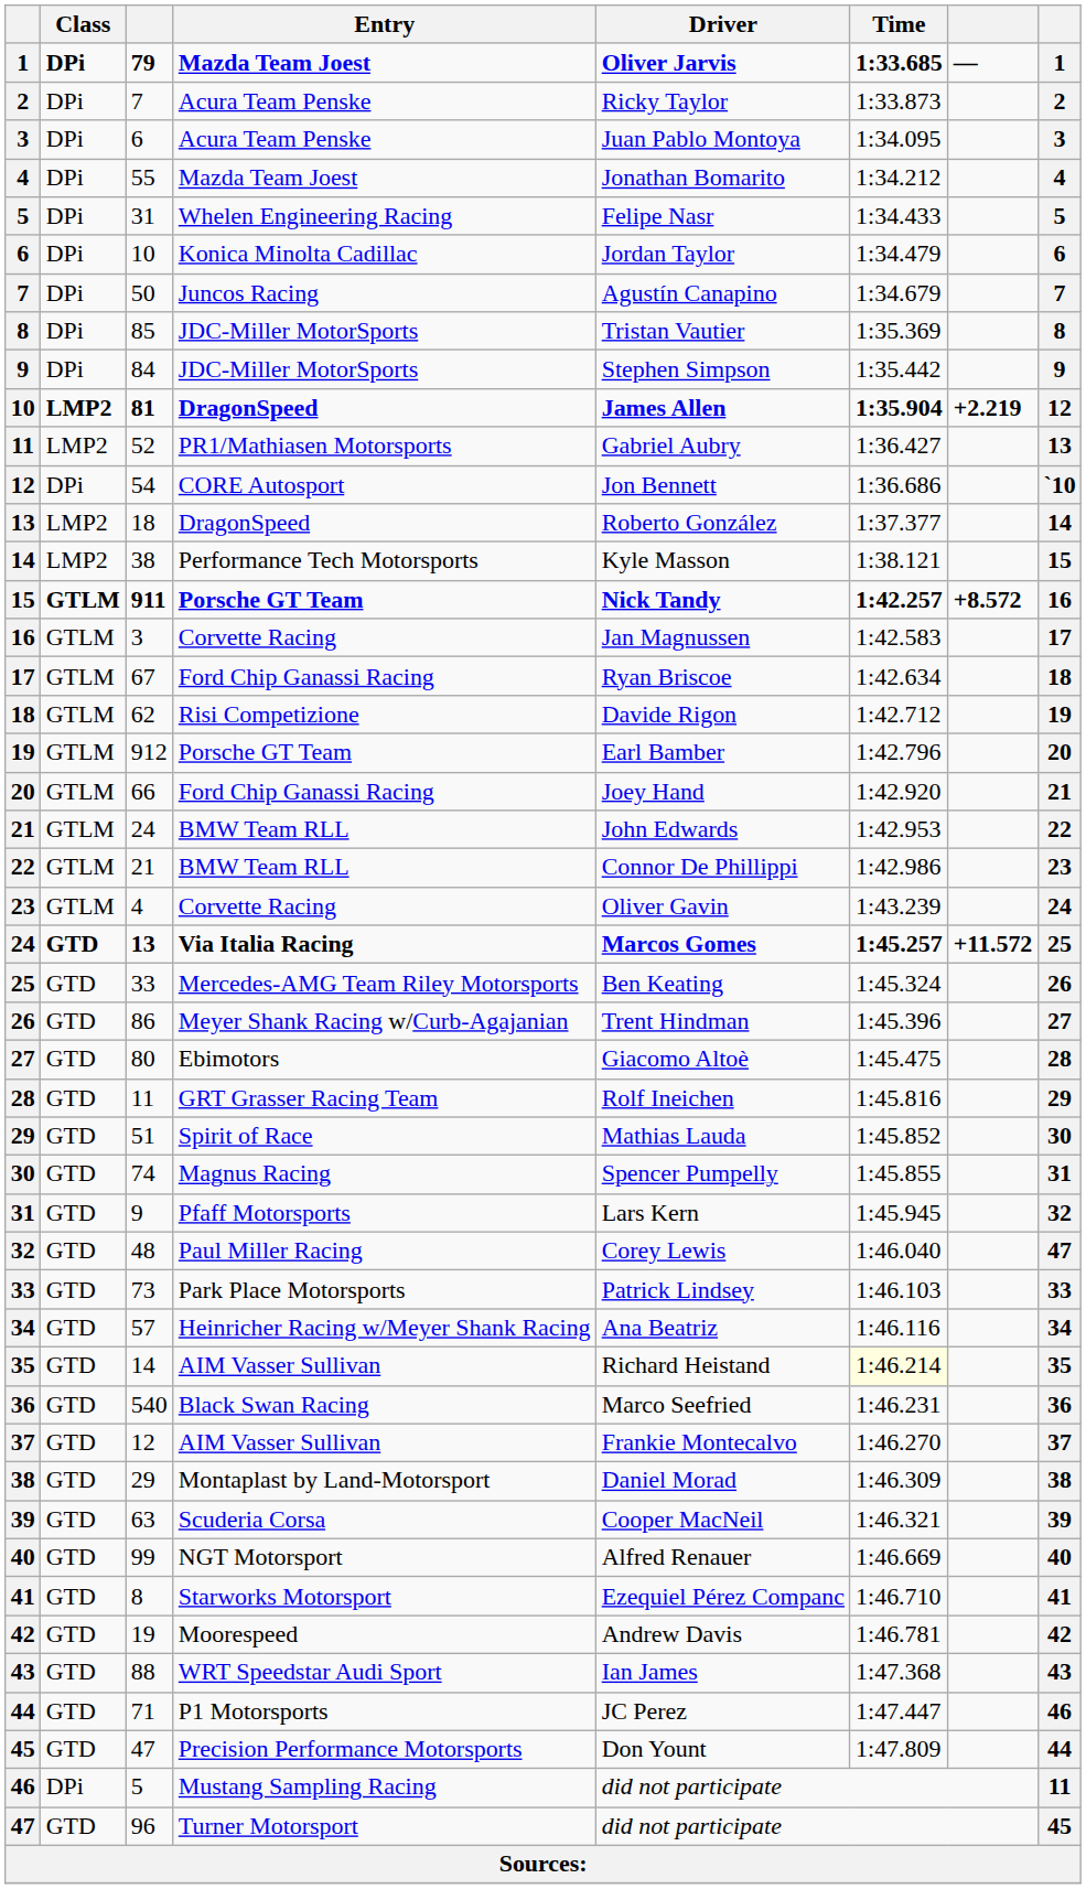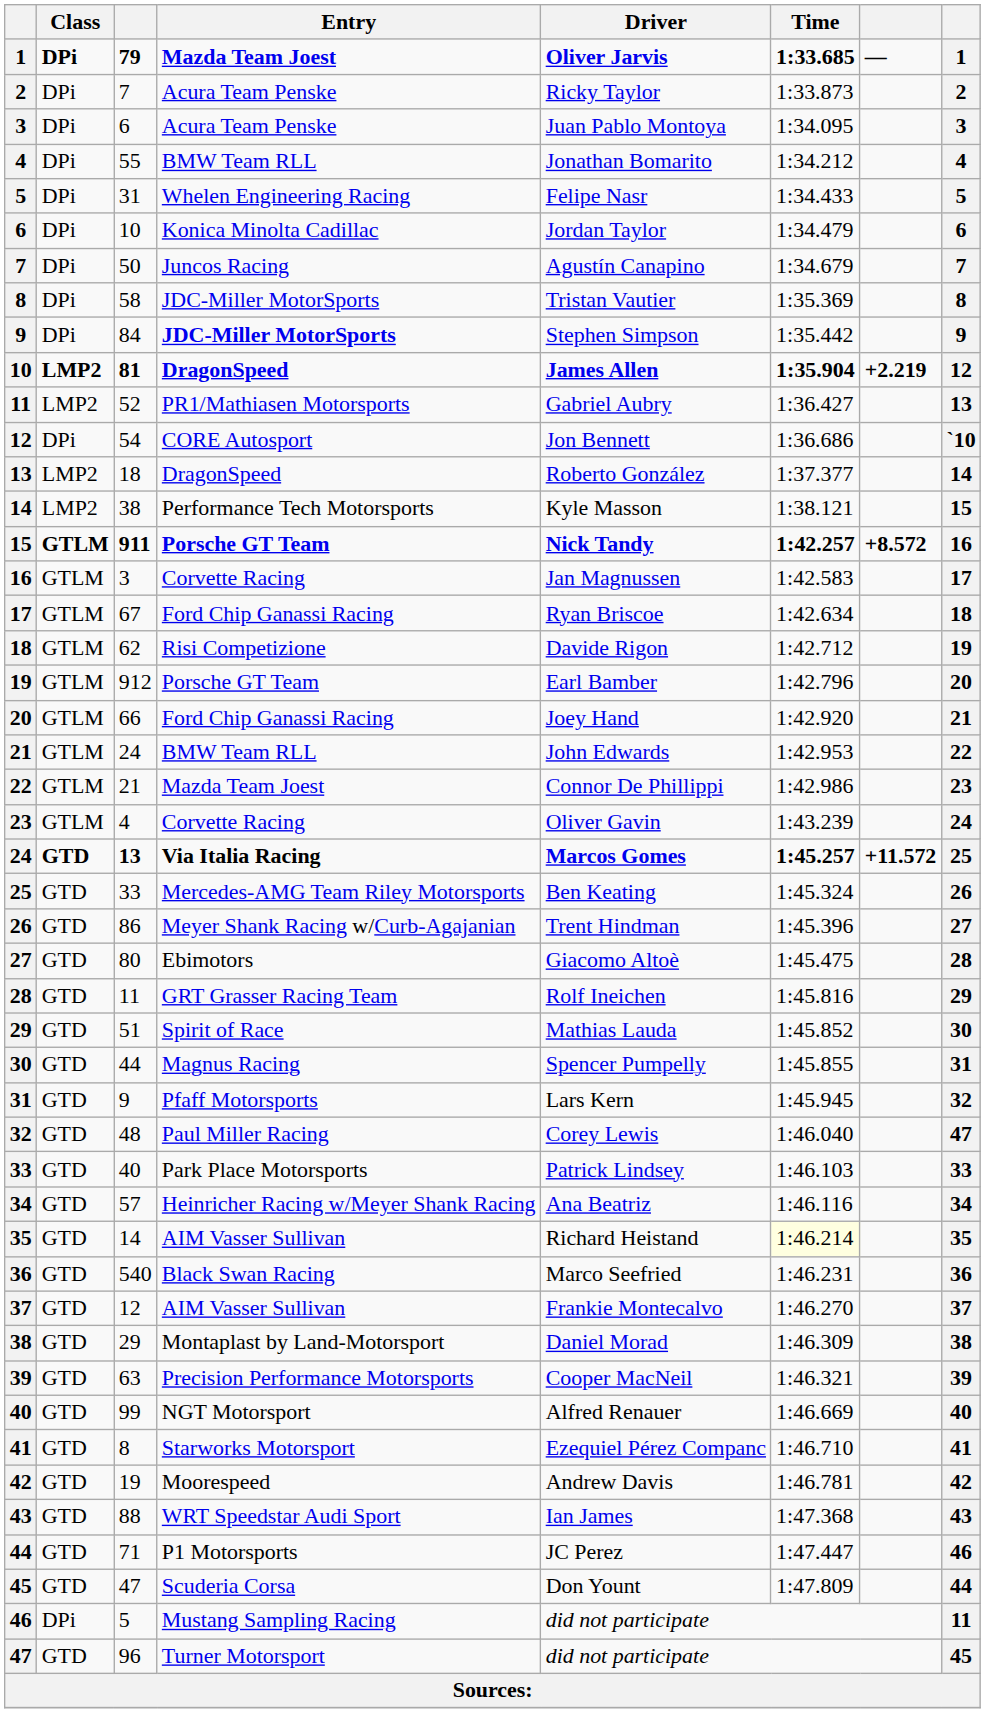 <table class="wikitable">
 <tr>
 <th scope="col"></th>
 <th scope="col">Class</th>
 <th scope="col"></th>
 <th scope="col">Entry</th>
 <th scope="col">Driver</th>
 <th scope="col">Time</th>
 <th scope="col"></th>
 <th scope="col"></th>
 </tr>
 <tr style="font-weight:bold">
 <th scope="row">1</th>
 <td>DPi</td>
 <td>79</td>
 <td> <a href='#'>Mazda Team Joest</a></td>
 <td> <a href='#'>Oliver Jarvis</a></td>
 <td>1:33.685</td>
 <td>—</td>
 <th>1</th>
 </tr>
 <tr>
 <th scope="row">2</th>
 <td>DPi</td>
 <td>7</td>
 <td> <a href='#'>Acura Team Penske</a></td>
 <td> <a href='#'>Ricky Taylor</a></td>
 <td>1:33.873</td>
 <td></td>
 <th>2</th>
 </tr>
 <tr>
 <th scope="row">3</th>
 <td>DPi</td>
 <td>6</td>
 <td> <a href='#'>Acura Team Penske</a></td>
 <td> <a href='#'>Juan Pablo Montoya</a></td>
 <td>1:34.095</td>
 <td></td>
 <th>3</th>
 </tr>
 <tr>
 <th scope="row">4</th>
 <td>DPi</td>
 <td>55</td>
-<td> <a href='#'>Mazda Team Joest</a></td>
+<td> <a href='#'>BMW Team RLL</a></td>
 <td> <a href='#'>Jonathan Bomarito</a></td>
 <td>1:34.212</td>
 <td></td>
 <th>4</th>
 </tr>
 <tr>
 <th scope="row">5</th>
 <td>DPi</td>
 <td>31</td>
 <td> <a href='#'>Whelen Engineering Racing</a></td>
 <td> <a href='#'>Felipe Nasr</a></td>
 <td>1:34.433</td>
 <td></td>
 <th>5</th>
 </tr>
 <tr>
 <th scope="row">6</th>
 <td>DPi</td>
 <td>10</td>
 <td> <a href='#'>Konica Minolta Cadillac</a></td>
 <td> <a href='#'>Jordan Taylor</a></td>
 <td>1:34.479</td>
 <td></td>
 <th>6</th>
 </tr>
 <tr>
 <th scope="row">7</th>
 <td>DPi</td>
 <td>50</td>
 <td> <a href='#'>Juncos Racing</a></td>
 <td> <a href='#'>Agustín Canapino</a></td>
 <td>1:34.679</td>
 <td></td>
 <th>7</th>
 </tr>
 <tr>
 <th scope="row">8</th>
 <td>DPi</td>
-<td>85</td>
+<td>58</td>
 <td> <a href='#'>JDC-Miller MotorSports</a></td>
 <td> <a href='#'>Tristan Vautier</a></td>
 <td>1:35.369</td>
 <td></td>
 <th>8</th>
 </tr>
 <tr>
 <th scope="row">9</th>
 <td>DPi</td>
 <td>84</td>
-<td> <a href='#'>JDC-Miller MotorSports</a></td>
+<td><strong> <a href='#'>JDC-Miller MotorSports</a></strong></td>
 <td> <a href='#'>Stephen Simpson</a></td>
 <td>1:35.442</td>
 <td></td>
 <th>9</th>
 </tr>
 <tr style="font-weight:bold">
 <th scope="row">10</th>
 <td>LMP2</td>
 <td>81</td>
 <td> <a href='#'>DragonSpeed</a></td>
 <td> <a href='#'>James Allen</a></td>
 <td>1:35.904</td>
 <td>+2.219</td>
 <th>12</th>
 </tr>
 <tr>
 <th scope="row">11</th>
 <td>LMP2</td>
 <td>52</td>
 <td> <a href='#'>PR1/Mathiasen Motorsports</a></td>
 <td> <a href='#'>Gabriel Aubry</a></td>
 <td>1:36.427</td>
 <td></td>
 <th>13</th>
 </tr>
 <tr>
 <th scope="row">12</th>
 <td>DPi</td>
 <td>54</td>
 <td> <a href='#'>CORE Autosport</a></td>
 <td> <a href='#'>Jon Bennett</a></td>
 <td>1:36.686</td>
 <td></td>
 <th>`10</th>
 </tr>
 <tr>
 <th scope="row">13</th>
 <td>LMP2</td>
 <td>18</td>
 <td> <a href='#'>DragonSpeed</a></td>
 <td> <a href='#'>Roberto González</a></td>
 <td>1:37.377</td>
 <td></td>
 <th>14</th>
 </tr>
 <tr>
 <th scope="row">14</th>
 <td>LMP2</td>
 <td>38</td>
 <td> Performance Tech Motorsports</td>
 <td> Kyle Masson</td>
 <td>1:38.121</td>
 <td></td>
 <th>15</th>
 </tr>
 <tr style="font-weight:bold">
 <th scope="row">15</th>
 <td>GTLM</td>
 <td>911</td>
 <td> <a href='#'>Porsche GT Team</a></td>
 <td> <a href='#'>Nick Tandy</a></td>
 <td>1:42.257</td>
 <td>+8.572</td>
 <th>16</th>
 </tr>
 <tr>
 <th scope="row">16</th>
 <td>GTLM</td>
 <td>3</td>
 <td> <a href='#'>Corvette Racing</a></td>
 <td> <a href='#'>Jan Magnussen</a></td>
 <td>1:42.583</td>
 <td></td>
 <th>17</th>
 </tr>
 <tr>
 <th scope="row">17</th>
 <td>GTLM</td>
 <td>67</td>
 <td> <a href='#'>Ford Chip Ganassi Racing</a></td>
 <td> <a href='#'>Ryan Briscoe</a></td>
 <td>1:42.634</td>
 <td></td>
 <th>18</th>
 </tr>
 <tr>
 <th scope="row">18</th>
 <td>GTLM</td>
 <td>62</td>
 <td> <a href='#'>Risi Competizione</a></td>
 <td> <a href='#'>Davide Rigon</a></td>
 <td>1:42.712</td>
 <td></td>
 <th>19</th>
 </tr>
 <tr>
 <th scope="row">19</th>
 <td>GTLM</td>
 <td>912</td>
 <td> <a href='#'>Porsche GT Team</a></td>
 <td> <a href='#'>Earl Bamber</a></td>
 <td>1:42.796</td>
 <td></td>
 <th>20</th>
 </tr>
 <tr>
 <th scope="row">20</th>
 <td>GTLM</td>
 <td>66</td>
 <td> <a href='#'>Ford Chip Ganassi Racing</a></td>
 <td> <a href='#'>Joey Hand</a></td>
 <td>1:42.920</td>
 <td></td>
 <th>21</th>
 </tr>
 <tr>
 <th scope="row">21</th>
 <td>GTLM</td>
 <td>24</td>
 <td> <a href='#'>BMW Team RLL</a></td>
 <td> <a href='#'>John Edwards</a></td>
 <td>1:42.953</td>
 <td></td>
 <th>22</th>
 </tr>
 <tr>
 <th scope="row">22</th>
 <td>GTLM</td>
 <td>21</td>
-<td> <a href='#'>BMW Team RLL</a></td>
+<td> <a href='#'>Mazda Team Joest</a></td>
 <td> <a href='#'>Connor De Phillippi</a></td>
 <td>1:42.986</td>
 <td></td>
 <th>23</th>
 </tr>
 <tr>
 <th scope="row">23</th>
 <td>GTLM</td>
 <td>4</td>
 <td> <a href='#'>Corvette Racing</a></td>
 <td> <a href='#'>Oliver Gavin</a></td>
 <td>1:43.239</td>
 <td></td>
 <th>24</th>
 </tr>
 <tr style="font-weight:bold">
 <th scope="row">24</th>
 <td>GTD</td>
 <td>13</td>
 <td> Via Italia Racing</td>
 <td> <a href='#'>Marcos Gomes</a></td>
 <td>1:45.257</td>
 <td>+11.572</td>
 <th>25</th>
 </tr>
 <tr>
 <th scope="row">25</th>
 <td>GTD</td>
 <td>33</td>
 <td> <a href='#'>Mercedes-AMG Team Riley Motorsports</a></td>
 <td> <a href='#'>Ben Keating</a></td>
 <td>1:45.324</td>
 <td></td>
 <th>26</th>
 </tr>
 <tr>
 <th scope="row">26</th>
 <td>GTD</td>
 <td>86</td>
 <td> <a href='#'>Meyer Shank Racing</a> w/<a href='#'>Curb-Agajanian</a></td>
 <td> <a href='#'>Trent Hindman</a></td>
 <td>1:45.396</td>
 <td></td>
 <th>27</th>
 </tr>
 <tr>
 <th scope="row">27</th>
 <td>GTD</td>
 <td>80</td>
 <td> Ebimotors</td>
 <td> <a href='#'>Giacomo Altoè</a></td>
 <td>1:45.475</td>
 <td></td>
 <th>28</th>
 </tr>
 <tr>
 <th scope="row">28</th>
 <td>GTD</td>
 <td>11</td>
 <td> <a href='#'>GRT Grasser Racing Team</a></td>
 <td> <a href='#'>Rolf Ineichen</a></td>
 <td>1:45.816</td>
 <td></td>
 <th>29</th>
 </tr>
 <tr>
 <th scope="row">29</th>
 <td>GTD</td>
 <td>51</td>
 <td> <a href='#'>Spirit of Race</a></td>
 <td> <a href='#'>Mathias Lauda</a></td>
 <td>1:45.852</td>
 <td></td>
 <th>30</th>
 </tr>
 <tr>
 <th scope="row">30</th>
 <td>GTD</td>
-<td>74</td>
+<td>44</td>
 <td> <a href='#'>Magnus Racing</a></td>
 <td> <a href='#'>Spencer Pumpelly</a></td>
 <td>1:45.855</td>
 <td></td>
 <th>31</th>
 </tr>
 <tr>
 <th scope="row">31</th>
 <td>GTD</td>
 <td>9</td>
 <td> <a href='#'>Pfaff Motorsports</a></td>
 <td> Lars Kern</td>
 <td>1:45.945</td>
 <td></td>
 <th>32</th>
 </tr>
 <tr>
 <th scope="row">32</th>
 <td>GTD</td>
 <td>48</td>
 <td> <a href='#'>Paul Miller Racing</a></td>
 <td> <a href='#'>Corey Lewis</a></td>
 <td>1:46.040</td>
 <td></td>
 <th>47</th>
 </tr>
 <tr>
 <th scope="row">33</th>
 <td>GTD</td>
-<td>73</td>
+<td>40</td>
 <td> Park Place Motorsports</td>
 <td> <a href='#'>Patrick Lindsey</a></td>
 <td>1:46.103</td>
 <td></td>
 <th>33</th>
 </tr>
 <tr>
 <th scope="row">34</th>
 <td>GTD</td>
 <td>57</td>
 <td> <a href='#'>Heinricher Racing w/Meyer Shank Racing</a></td>
 <td> <a href='#'>Ana Beatriz</a></td>
 <td>1:46.116</td>
 <td></td>
 <th>34</th>
 </tr>
 <tr>
 <th scope="row">35</th>
 <td>GTD</td>
 <td>14</td>
 <td> <a href='#'>AIM Vasser Sullivan</a></td>
 <td> Richard Heistand</td>
 <td style="background: lightyellow;">1:46.214</td>
 <td></td>
 <th>35</th>
 </tr>
 <tr>
 <th scope="row">36</th>
 <td>GTD</td>
 <td>540</td>
 <td> <a href='#'>Black Swan Racing</a></td>
 <td> Marco Seefried</td>
 <td>1:46.231</td>
 <td></td>
 <th>36</th>
 </tr>
 <tr>
 <th scope="row">37</th>
 <td>GTD</td>
 <td>12</td>
 <td> <a href='#'>AIM Vasser Sullivan</a></td>
 <td> <a href='#'>Frankie Montecalvo</a></td>
 <td>1:46.270</td>
 <td></td>
 <th>37</th>
 </tr>
 <tr>
 <th scope="row">38</th>
 <td>GTD</td>
 <td>29</td>
 <td> Montaplast by Land-Motorsport</td>
 <td> <a href='#'>Daniel Morad</a></td>
 <td>1:46.309</td>
 <td></td>
 <th>38</th>
 </tr>
 <tr>
 <th scope="row">39</th>
 <td>GTD</td>
 <td>63</td>
-<td> <a href='#'>Scuderia Corsa</a></td>
+<td> <a href='#'>Precision Performance Motorsports</a></td>
 <td> <a href='#'>Cooper MacNeil</a></td>
 <td>1:46.321</td>
 <td></td>
 <th>39</th>
 </tr>
 <tr>
 <th scope="row">40</th>
 <td>GTD</td>
 <td>99</td>
 <td> NGT Motorsport</td>
 <td> Alfred Renauer</td>
 <td>1:46.669</td>
 <td></td>
 <th>40</th>
 </tr>
 <tr>
 <th scope="row">41</th>
 <td>GTD</td>
 <td>8</td>
 <td> <a href='#'>Starworks Motorsport</a></td>
 <td> <a href='#'>Ezequiel Pérez Companc</a></td>
 <td>1:46.710</td>
 <td></td>
 <th>41</th>
 </tr>
 <tr>
 <th scope="row">42</th>
 <td>GTD</td>
 <td>19</td>
 <td> Moorespeed</td>
 <td> Andrew Davis</td>
 <td>1:46.781</td>
 <td></td>
 <th>42</th>
 </tr>
 <tr>
 <th scope="row">43</th>
 <td>GTD</td>
 <td>88</td>
 <td> <a href='#'>WRT Speedstar Audi Sport</a></td>
 <td> <a href='#'>Ian James</a></td>
 <td>1:47.368</td>
 <td></td>
 <th>43</th>
 </tr>
 <tr>
 <th scope="row">44</th>
 <td>GTD</td>
 <td>71</td>
 <td> P1 Motorsports</td>
 <td> JC Perez</td>
 <td>1:47.447</td>
 <td></td>
 <th>46</th>
 </tr>
 <tr>
 <th scope="row">45</th>
 <td>GTD</td>
 <td>47</td>
-<td> <a href='#'>Precision Performance Motorsports</a></td>
+<td> <a href='#'>Scuderia Corsa</a></td>
 <td> Don Yount</td>
 <td>1:47.809</td>
 <td></td>
 <th>44</th>
 </tr>
 <tr>
 <th scope="row">46</th>
 <td>DPi</td>
 <td>5</td>
 <td> <a href='#'>Mustang Sampling Racing</a></td>
 <td colspan="3"><em>did not participate</em></td>
 <th>11</th>
 </tr>
 <tr>
 <th>47</th>
 <td>GTD</td>
 <td>96</td>
 <td> <a href='#'>Turner Motorsport</a></td>
 <td colspan="3"><em>did not participate</em></td>
 <th>45</th>
 </tr>
 <tr>
 <th colspan="8">Sources:</th>
 </tr>
 <tr>
 </tr>
 </table>
